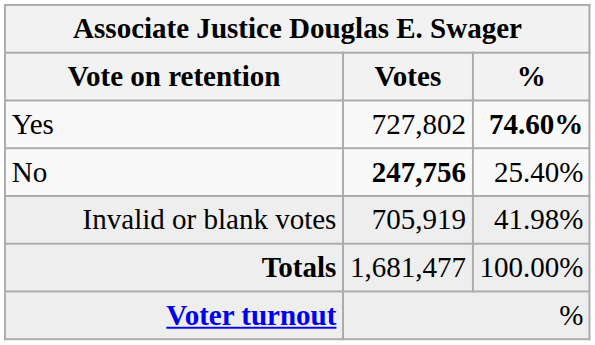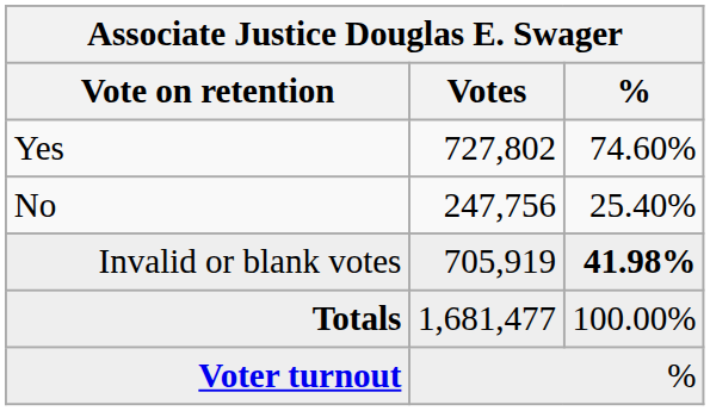 <table class="wikitable" style="font-size: 95%;">
 <tr style="background-color:#E9E9E9">
 <th colspan=7>Associate Justice Douglas E. Swager</th>
 </tr>
 <tr style="background-color:#E9E9E9">
 <th style="width: 170px">Vote on retention</th>
 <th style="width: 50px">Votes</th>
 <th style="width: 40px">%</th>
 </tr>
 <tr>
 <td>Yes</td>
 <td align="right">727,802</td>
-<td align="right"><strong>74.60%</strong></td>
+<td align="right">74.60%</td>
 </tr>
 <tr>
 <td>No</td>
-<td align="right"><strong>247,756</strong></td>
+<td align="right">247,756</td>
 <td align="right">25.40%</td>
 </tr>
 <tr style="background-color:#EEEEEE">
 <td align="right">Invalid or blank votes</td>
 <td align="right">705,919</td>
-<td align="right">41.98%</td>
+<td align="right"><strong>41.98%</strong></td>
 </tr>
 <tr style="background-color:#EEEEEE">
 <td colspan="1" align="right"><strong>Totals</strong></td>
 <td align="right">1,681,477</td>
 <td align="right">100.00%</td>
 </tr>
 <tr style="background-color:#EEEEEE">
 <td align="right"><strong><a href='#'>Voter turnout</a></strong></td>
 <td colspan="2" align="right">%</td>
 </tr>
 </table>
